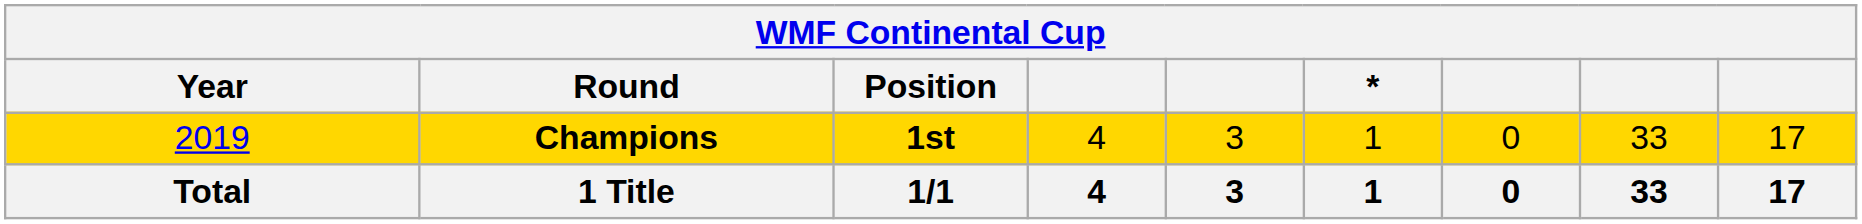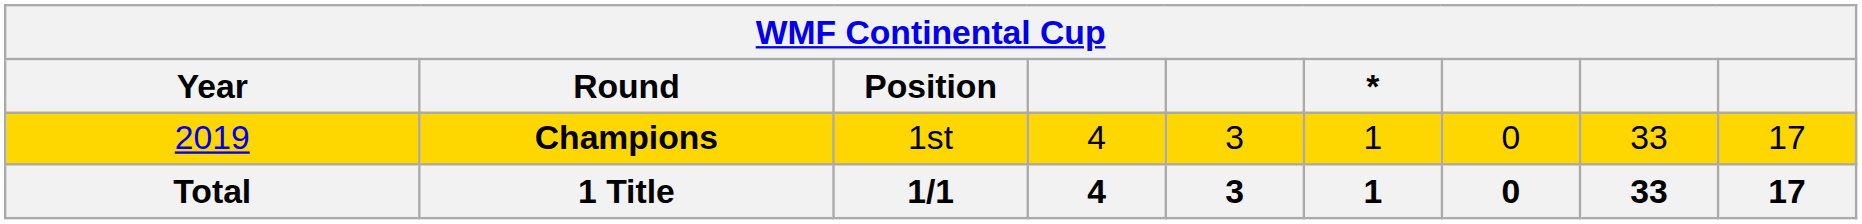 <table class="wikitable" style="font-size:90%; text-align:center;" width="50%">
 <tr>
 <th colspan="9"><a href='#'>WMF Continental Cup</a></th>
 </tr>
 <tr>
 <th width="15%">Year</th>
 <th width="15%">Round</th>
 <th width="5%">Position</th>
 <th width="5%"></th>
 <th width="5%"></th>
 <th width="5%">*</th>
 <th width="5%"></th>
 <th width="5%"></th>
 <th width="5%"></th>
 </tr>
 <tr style="background:gold;">
 <td> <a href='#'>2019</a></td>
 <td><strong>Champions</strong></td>
-<td><strong>1st</strong></td>
+<td>1st</td>
 <td>4</td>
 <td>3</td>
 <td>1</td>
 <td>0</td>
 <td>33</td>
 <td>17</td>
 </tr>
 <tr>
 <th>Total</th>
 <th>1 Title</th>
 <th>1/1</th>
 <th>4</th>
 <th>3</th>
 <th>1</th>
 <th>0</th>
 <th>33</th>
 <th>17</th>
 </tr>
 </table>
